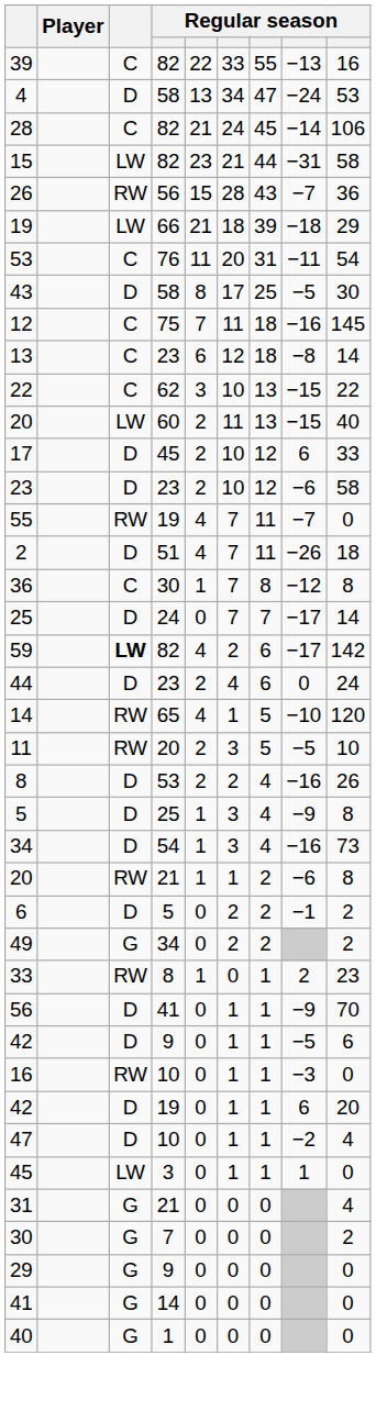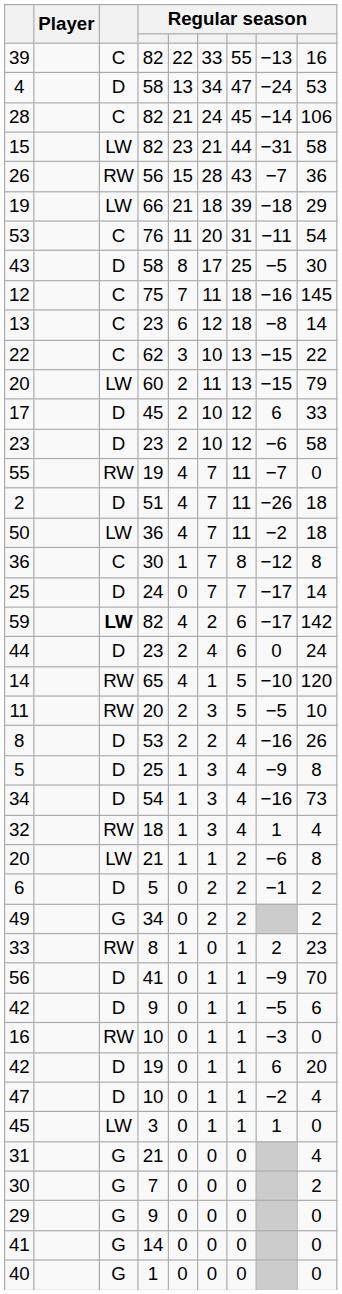 <table class="wikitable sortable plainrowheaders" style="text-align:center;">
 <tr>
 <th scope="col" data-sort-type="number" rowspan="2"></th>
 <th scope="col" rowspan="2">Player</th>
 <th scope="col" rowspan="2"></th>
 <th scope=colgroup colspan=6>Regular season</th>
 </tr>
 <tr>
 <th scope="col" data-sort-type="number"></th>
 <th scope="col" data-sort-type="number"></th>
 <th scope="col" data-sort-type="number"></th>
 <th scope="col" data-sort-type="number"></th>
 <th scope="col" data-sort-type="number"></th>
 <th scope="col" data-sort-type="number"></th>
 </tr>
 <tr>
 <td scope="row">39</td>
 <td align="left"></td>
 <td>C</td>
 <td>82</td>
 <td>22</td>
 <td>33</td>
 <td>55</td>
 <td>−13</td>
 <td>16</td>
 </tr>
 <tr>
 <td scope="row">4</td>
 <td align="left"></td>
 <td>D</td>
 <td>58</td>
 <td>13</td>
 <td>34</td>
 <td>47</td>
 <td>−24</td>
 <td>53</td>
 </tr>
 <tr>
 <td scope="row">28</td>
 <td align="left"></td>
 <td>C</td>
 <td>82</td>
 <td>21</td>
 <td>24</td>
 <td>45</td>
 <td>−14</td>
 <td>106</td>
 </tr>
 <tr>
 <td scope="row">15</td>
 <td align="left"></td>
 <td>LW</td>
 <td>82</td>
 <td>23</td>
 <td>21</td>
 <td>44</td>
 <td>−31</td>
 <td>58</td>
 </tr>
 <tr>
 <td scope="row">26</td>
 <td align="left"></td>
 <td>RW</td>
 <td>56</td>
 <td>15</td>
 <td>28</td>
 <td>43</td>
 <td>−7</td>
 <td>36</td>
 </tr>
 <tr>
 <td scope="row">19</td>
 <td align="left"></td>
 <td>LW</td>
 <td>66</td>
 <td>21</td>
 <td>18</td>
 <td>39</td>
 <td>−18</td>
 <td>29</td>
 </tr>
 <tr>
 <td scope="row">53</td>
 <td align="left"></td>
 <td>C</td>
 <td>76</td>
 <td>11</td>
 <td>20</td>
 <td>31</td>
 <td>−11</td>
 <td>54</td>
 </tr>
 <tr>
 <td scope="row">43</td>
 <td align="left"></td>
 <td>D</td>
 <td>58</td>
 <td>8</td>
 <td>17</td>
 <td>25</td>
 <td>−5</td>
 <td>30</td>
 </tr>
 <tr>
 <td scope="row">12</td>
 <td align="left"></td>
 <td>C</td>
 <td>75</td>
 <td>7</td>
 <td>11</td>
 <td>18</td>
 <td>−16</td>
 <td>145</td>
 </tr>
 <tr>
 <td scope="row">13</td>
 <td align="left"></td>
 <td>C</td>
 <td>23</td>
 <td>6</td>
 <td>12</td>
 <td>18</td>
 <td>−8</td>
 <td>14</td>
 </tr>
 <tr>
 <td scope="row">22</td>
 <td align="left"></td>
 <td>C</td>
 <td>62</td>
 <td>3</td>
 <td>10</td>
 <td>13</td>
 <td>−15</td>
 <td>22</td>
 </tr>
 <tr>
 <td scope="row">20</td>
 <td align="left"></td>
 <td>LW</td>
 <td>60</td>
 <td>2</td>
 <td>11</td>
 <td>13</td>
 <td>−15</td>
-<td>40</td>
+<td>79</td>
 </tr>
 <tr>
 <td scope="row">17</td>
 <td align="left"></td>
 <td>D</td>
 <td>45</td>
 <td>2</td>
 <td>10</td>
 <td>12</td>
 <td>6</td>
 <td>33</td>
 </tr>
 <tr>
 <td scope="row">23</td>
 <td align="left"></td>
 <td>D</td>
 <td>23</td>
 <td>2</td>
 <td>10</td>
 <td>12</td>
 <td>−6</td>
 <td>58</td>
 </tr>
 <tr>
 <td scope="row">55</td>
 <td align="left"></td>
 <td>RW</td>
 <td>19</td>
 <td>4</td>
 <td>7</td>
 <td>11</td>
 <td>−7</td>
 <td>0</td>
 </tr>
 <tr>
 <td scope="row">2</td>
 <td align="left"></td>
 <td>D</td>
 <td>51</td>
 <td>4</td>
 <td>7</td>
 <td>11</td>
 <td>−26</td>
+<td>18</td>
+</tr>
+<tr>
+<td scope="row">50</td>
+<td align="left"></td>
+<td>LW</td>
+<td>36</td>
+<td>4</td>
+<td>7</td>
+<td>11</td>
+<td>−2</td>
 <td>18</td>
 </tr>
 <tr>
 <td scope="row">36</td>
 <td align="left"></td>
 <td>C</td>
 <td>30</td>
 <td>1</td>
 <td>7</td>
 <td>8</td>
 <td>−12</td>
 <td>8</td>
 </tr>
 <tr>
 <td scope="row">25</td>
 <td align="left"></td>
 <td>D</td>
 <td>24</td>
 <td>0</td>
 <td>7</td>
 <td>7</td>
 <td>−17</td>
 <td>14</td>
 </tr>
 <tr>
 <td scope="row">59</td>
 <td align="left"></td>
 <td><strong>LW</strong></td>
 <td>82</td>
 <td>4</td>
 <td>2</td>
 <td>6</td>
 <td>−17</td>
 <td>142</td>
 </tr>
 <tr>
 <td scope="row">44</td>
 <td align="left"></td>
 <td>D</td>
 <td>23</td>
 <td>2</td>
 <td>4</td>
 <td>6</td>
 <td>0</td>
 <td>24</td>
 </tr>
 <tr>
 <td scope="row">14</td>
 <td align="left"></td>
 <td>RW</td>
 <td>65</td>
 <td>4</td>
 <td>1</td>
 <td>5</td>
 <td>−10</td>
 <td>120</td>
 </tr>
 <tr>
 <td scope="row">11</td>
 <td align="left"></td>
 <td>RW</td>
 <td>20</td>
 <td>2</td>
 <td>3</td>
 <td>5</td>
 <td>−5</td>
 <td>10</td>
 </tr>
 <tr>
 <td scope="row">8</td>
 <td align="left"></td>
 <td>D</td>
 <td>53</td>
 <td>2</td>
 <td>2</td>
 <td>4</td>
 <td>−16</td>
 <td>26</td>
 </tr>
 <tr>
 <td scope="row">5</td>
 <td align="left"></td>
 <td>D</td>
 <td>25</td>
 <td>1</td>
 <td>3</td>
 <td>4</td>
 <td>−9</td>
 <td>8</td>
 </tr>
 <tr>
 <td scope="row">34</td>
 <td align="left"></td>
 <td>D</td>
 <td>54</td>
 <td>1</td>
 <td>3</td>
 <td>4</td>
 <td>−16</td>
 <td>73</td>
 </tr>
 <tr>
+<td scope="row">32</td>
+<td align="left"></td>
+<td>RW</td>
+<td>18</td>
+<td>1</td>
+<td>3</td>
+<td>4</td>
+<td>1</td>
+<td>4</td>
+</tr>
+<tr>
 <td scope="row">20</td>
 <td align="left"></td>
-<td>RW</td>
+<td>LW</td>
 <td>21</td>
 <td>1</td>
 <td>1</td>
 <td>2</td>
 <td>−6</td>
 <td>8</td>
 </tr>
 <tr>
 <td scope="row">6</td>
 <td align="left"></td>
 <td>D</td>
 <td>5</td>
 <td>0</td>
 <td>2</td>
 <td>2</td>
 <td>−1</td>
 <td>2</td>
 </tr>
 <tr>
 <td scope="row">49</td>
 <td align="left"></td>
 <td>G</td>
 <td>34</td>
 <td>0</td>
 <td>2</td>
 <td>2</td>
 <td style="background:#ccc"></td>
 <td>2</td>
 </tr>
 <tr>
 <td scope="row">33</td>
 <td align="left"></td>
 <td>RW</td>
 <td>8</td>
 <td>1</td>
 <td>0</td>
 <td>1</td>
 <td>2</td>
 <td>23</td>
 </tr>
 <tr>
 <td scope="row">56</td>
 <td align="left"></td>
 <td>D</td>
 <td>41</td>
 <td>0</td>
 <td>1</td>
 <td>1</td>
 <td>−9</td>
 <td>70</td>
 </tr>
 <tr>
 <td scope="row">42</td>
 <td align="left"></td>
 <td>D</td>
 <td>9</td>
 <td>0</td>
 <td>1</td>
 <td>1</td>
 <td>−5</td>
 <td>6</td>
 </tr>
 <tr>
 <td scope="row">16</td>
 <td align="left"></td>
 <td>RW</td>
 <td>10</td>
 <td>0</td>
 <td>1</td>
 <td>1</td>
 <td>−3</td>
 <td>0</td>
 </tr>
 <tr>
 <td scope="row">42</td>
 <td align="left"></td>
 <td>D</td>
 <td>19</td>
 <td>0</td>
 <td>1</td>
 <td>1</td>
 <td>6</td>
 <td>20</td>
 </tr>
 <tr>
 <td scope="row">47</td>
 <td align="left"></td>
 <td>D</td>
 <td>10</td>
 <td>0</td>
 <td>1</td>
 <td>1</td>
 <td>−2</td>
 <td>4</td>
 </tr>
 <tr>
 <td scope="row">45</td>
 <td align="left"></td>
 <td>LW</td>
 <td>3</td>
 <td>0</td>
 <td>1</td>
 <td>1</td>
 <td>1</td>
 <td>0</td>
 </tr>
 <tr>
 <td scope="row">31</td>
 <td align="left"></td>
 <td>G</td>
 <td>21</td>
 <td>0</td>
 <td>0</td>
 <td>0</td>
 <td style="background:#ccc"></td>
 <td>4</td>
 </tr>
 <tr>
 <td scope="row">30</td>
 <td align="left"></td>
 <td>G</td>
 <td>7</td>
 <td>0</td>
 <td>0</td>
 <td>0</td>
 <td style="background:#ccc"></td>
 <td>2</td>
 </tr>
 <tr>
 <td scope="row">29</td>
 <td align="left"></td>
 <td>G</td>
 <td>9</td>
 <td>0</td>
 <td>0</td>
 <td>0</td>
 <td style="background:#ccc"></td>
 <td>0</td>
 </tr>
 <tr>
 <td scope="row">41</td>
 <td align="left"></td>
 <td>G</td>
 <td>14</td>
 <td>0</td>
 <td>0</td>
 <td>0</td>
 <td style="background:#ccc"></td>
 <td>0</td>
 </tr>
 <tr>
 <td scope="row">40</td>
 <td align="left"></td>
 <td>G</td>
 <td>1</td>
 <td>0</td>
 <td>0</td>
 <td>0</td>
 <td style="background:#ccc"></td>
 <td>0</td>
 </tr>
 </table>
